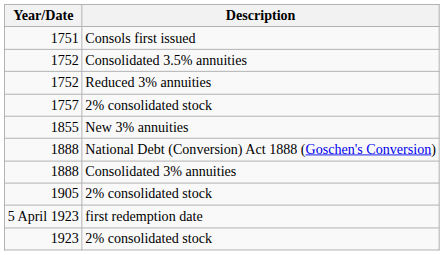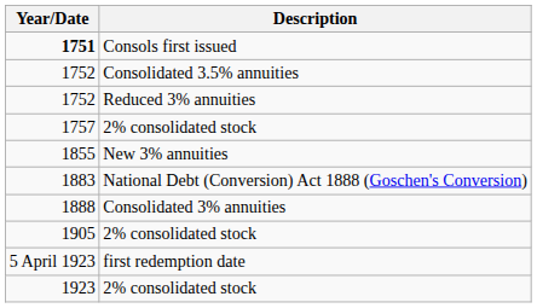 <table class="wikitable">
 <tr>
 <th>Year/Date</th>
 <th>Description</th>
 </tr>
 <tr>
-<td style="text-align:right">1751</td>
+<td style="text-align:right"><strong>1751</strong></td>
 <td>Consols first issued</td>
 </tr>
 <tr>
 <td style="text-align:right">1752</td>
 <td>Consolidated 3.5% annuities</td>
 </tr>
 <tr>
 <td style="text-align:right">1752</td>
 <td>Reduced 3% annuities</td>
 </tr>
 <tr>
 <td style="text-align:right">1757</td>
 <td>2% consolidated stock</td>
 </tr>
 <tr>
 <td style="text-align:right">1855</td>
 <td>New 3% annuities</td>
 </tr>
 <tr>
-<td style="text-align:right">1888</td>
+<td style="text-align:right">1883</td>
 <td>National Debt (Conversion) Act 1888 (<a href='#'>Goschen's Conversion</a>)</td>
 </tr>
 <tr>
 <td style="text-align:right">1888</td>
 <td>Consolidated 3% annuities</td>
 </tr>
 <tr>
 <td style="text-align:right">1905</td>
 <td>2% consolidated stock</td>
 </tr>
 <tr>
 <td style="text-align:right">5 April 1923</td>
 <td>first redemption date</td>
 </tr>
 <tr>
 <td style="text-align:right">1923</td>
 <td>2% consolidated stock</td>
 </tr>
 </table>
